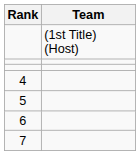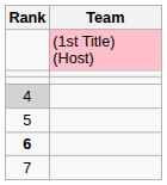 <table class="wikitable" style="text-align: center; font-size:90% ">
 <tr>
 <th width=35>Rank</th>
 <th width=100>Team</th>
 </tr>
 <tr>
 <td></td>
-<td align=left> (1st Title) (Host)</td>
+<td align=left style="background: pink;"> (1st Title) (Host)</td>
 </tr>
 <tr>
 <td></td>
 <td align=left></td>
 </tr>
 <tr>
 <td></td>
 <td align=left></td>
 </tr>
 <tr>
-<td>4</td>
+<td style="background: lightgrey;">4</td>
 <td align=left></td>
 </tr>
 <tr>
 <td>5</td>
 <td align=left></td>
 </tr>
 <tr>
-<td>6</td>
+<td><strong>6</strong></td>
 <td align=left></td>
 </tr>
 <tr>
 <td>7</td>
 <td align=left></td>
 </tr>
 </table>
